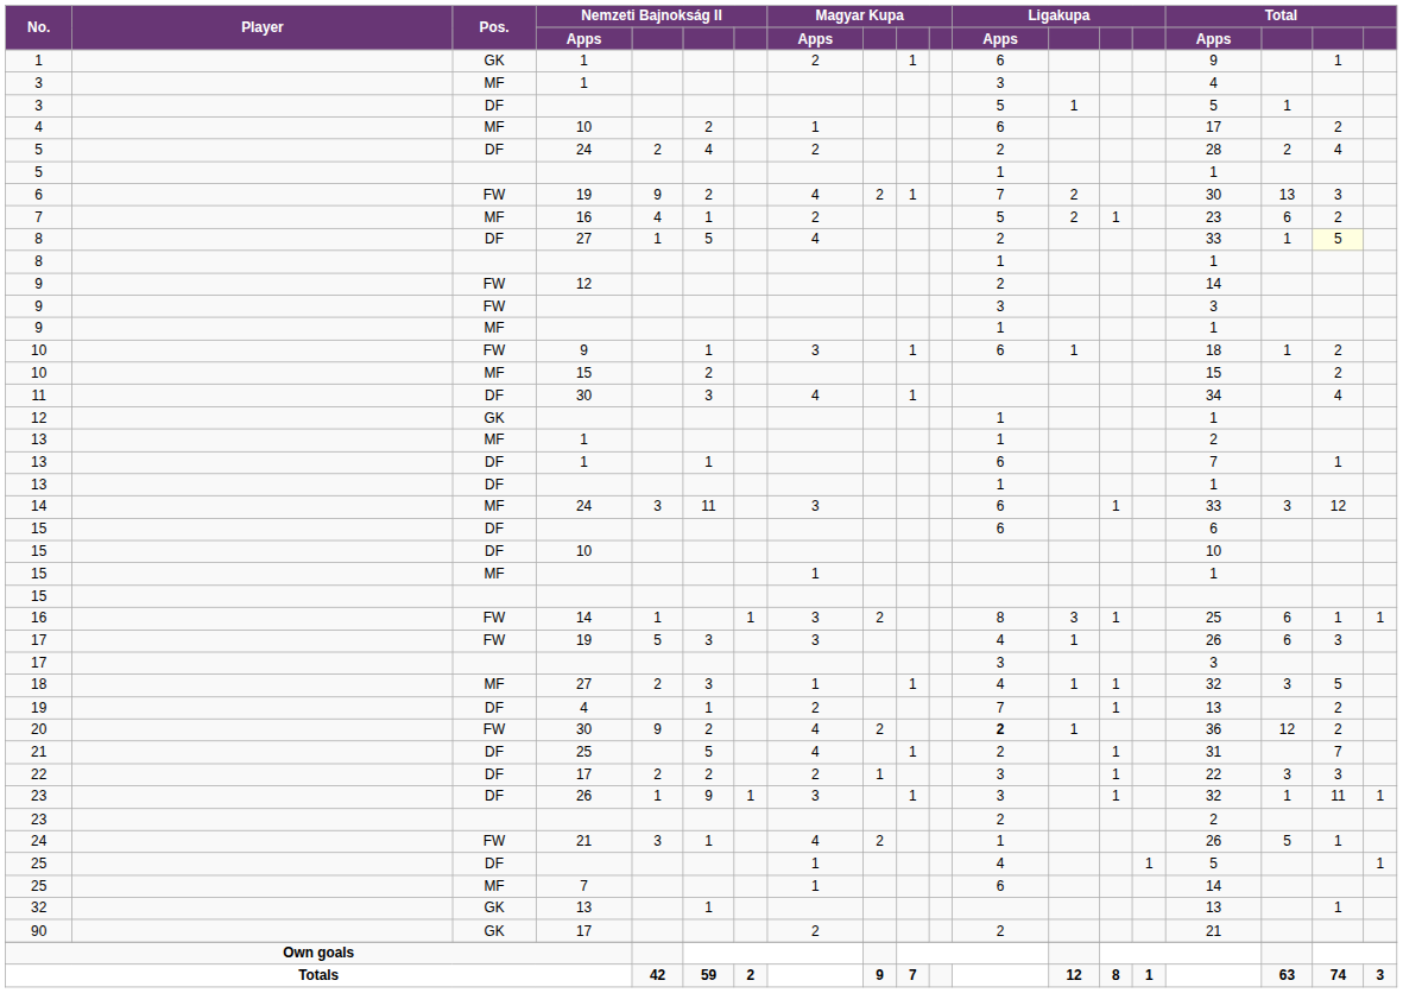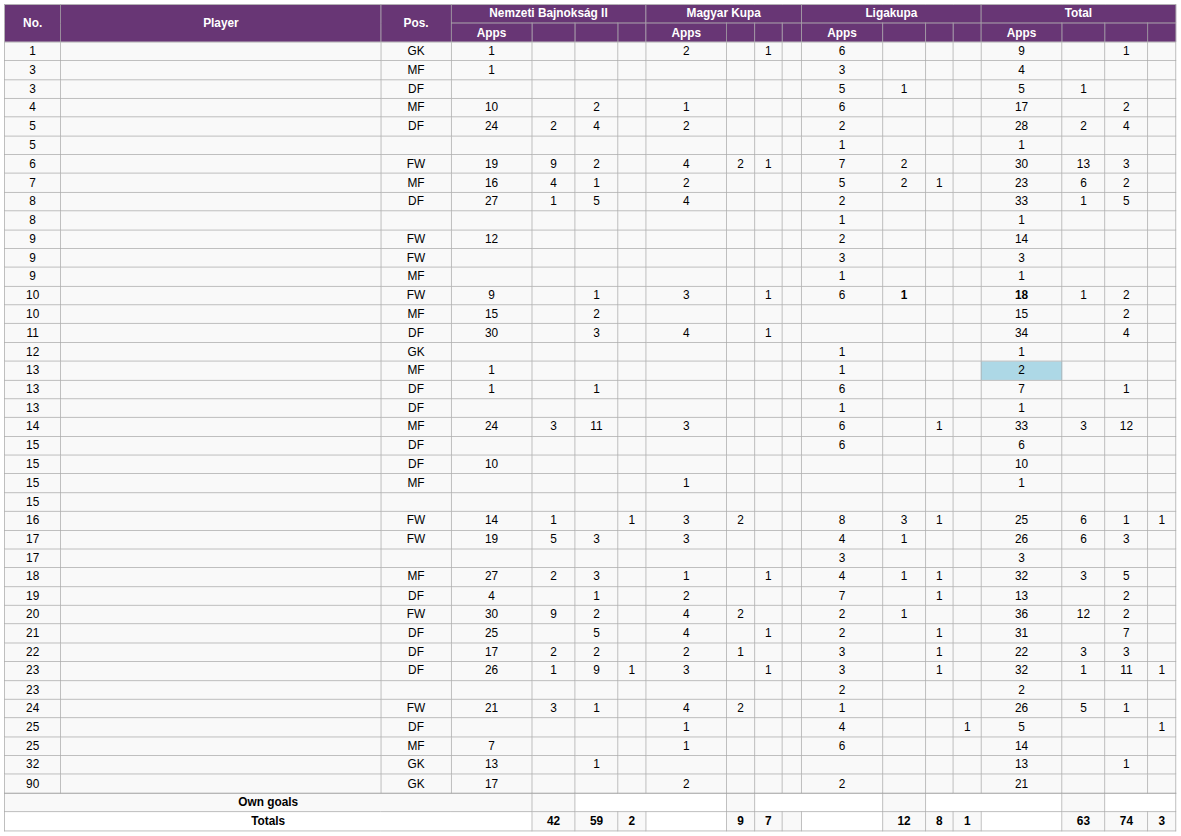 <table class="wikitable sortable alternance" style="text-align:center;width:100%">
 <tr>
 <th rowspan="2" style="background-color:#683675; color:#FFFFFF; width:5px">No.</th>
 <th rowspan="2" style="background-color:#683675; color:#FFFFFF; width:180px">Player</th>
 <th rowspan="2" style="background-color:#683675; color:#FFFFFF; width:5px">Pos.</th>
 <th colspan="4" style="background:#683675; color:#FFFFFF">Nemzeti Bajnokság II</th>
 <th colspan="4" style="background:#683675; color:#FFFFFF">Magyar Kupa</th>
 <th colspan="4" style="background:#683675; color:#FFFFFF">Ligakupa</th>
 <th colspan="4" style="background:#683675; color:#FFFFFF">Total</th>
 </tr>
 <tr style="text-align:center">
 <th width="4" style="background-color:#683675; color:#FFFFFF">Apps</th>
 <th width="4" style="background-color:#683675"></th>
 <th width="4" style="background-color:#683675"></th>
 <th width="4" style="background-color:#683675"></th>
 <th width="4" style="background-color:#683675; color:#FFFFFF">Apps</th>
 <th width="4" style="background-color:#683675"></th>
 <th width="4" style="background-color:#683675"></th>
 <th width="4" style="background-color:#683675"></th>
 <th width="4" style="background-color:#683675; color:#FFFFFF">Apps</th>
 <th width="4" style="background-color:#683675"></th>
 <th width="4" style="background-color:#683675"></th>
 <th width="4" style="background-color:#683675"></th>
 <th width="4" style="background-color:#683675; color:#FFFFFF">Apps</th>
 <th width="4" style="background-color:#683675"></th>
 <th width="4" style="background-color:#683675"></th>
 <th width="4" style="background-color:#683675"></th>
 </tr>
 <tr>
 <td>1</td>
 <td> </td>
 <td>GK</td>
 <td>1</td>
 <td></td>
 <td></td>
 <td></td>
 <td>2</td>
 <td></td>
 <td>1</td>
 <td></td>
 <td>6</td>
 <td></td>
 <td></td>
 <td></td>
 <td>9</td>
 <td></td>
 <td>1</td>
 <td></td>
 </tr>
 <tr>
 <td>3</td>
 <td> </td>
 <td>MF</td>
 <td>1</td>
 <td></td>
 <td></td>
 <td></td>
 <td></td>
 <td></td>
 <td></td>
 <td></td>
 <td>3</td>
 <td></td>
 <td></td>
 <td></td>
 <td>4</td>
 <td></td>
 <td></td>
 <td></td>
 </tr>
 <tr>
 <td>3</td>
 <td> </td>
 <td>DF</td>
 <td></td>
 <td></td>
 <td></td>
 <td></td>
 <td></td>
 <td></td>
 <td></td>
 <td></td>
 <td>5</td>
 <td>1</td>
 <td></td>
 <td></td>
 <td>5</td>
 <td>1</td>
 <td></td>
 <td></td>
 </tr>
 <tr>
 <td>4</td>
 <td> </td>
 <td>MF</td>
 <td>10</td>
 <td></td>
 <td>2</td>
 <td></td>
 <td>1</td>
 <td></td>
 <td></td>
 <td></td>
 <td>6</td>
 <td></td>
 <td></td>
 <td></td>
 <td>17</td>
 <td></td>
 <td>2</td>
 <td></td>
 </tr>
 <tr>
 <td>5</td>
 <td> </td>
 <td>DF</td>
 <td>24</td>
 <td>2</td>
 <td>4</td>
 <td></td>
 <td>2</td>
 <td></td>
 <td></td>
 <td></td>
 <td>2</td>
 <td></td>
 <td></td>
 <td></td>
 <td>28</td>
 <td>2</td>
 <td>4</td>
 <td></td>
 </tr>
 <tr>
 <td>5</td>
 <td> </td>
 <td></td>
 <td></td>
 <td></td>
 <td></td>
 <td></td>
 <td></td>
 <td></td>
 <td></td>
 <td></td>
 <td>1</td>
 <td></td>
 <td></td>
 <td></td>
 <td>1</td>
 <td></td>
 <td></td>
 <td></td>
 </tr>
 <tr>
 <td>6</td>
 <td> </td>
 <td>FW</td>
 <td>19</td>
 <td>9</td>
 <td>2</td>
 <td></td>
 <td>4</td>
 <td>2</td>
 <td>1</td>
 <td></td>
 <td>7</td>
 <td>2</td>
 <td></td>
 <td></td>
 <td>30</td>
 <td>13</td>
 <td>3</td>
 <td></td>
 </tr>
 <tr>
 <td>7</td>
 <td> </td>
 <td>MF</td>
 <td>16</td>
 <td>4</td>
 <td>1</td>
 <td></td>
 <td>2</td>
 <td></td>
 <td></td>
 <td></td>
 <td>5</td>
 <td>2</td>
 <td>1</td>
 <td></td>
 <td>23</td>
 <td>6</td>
 <td>2</td>
 <td></td>
 </tr>
 <tr>
 <td>8</td>
 <td> </td>
 <td>DF</td>
 <td>27</td>
 <td>1</td>
 <td>5</td>
 <td></td>
 <td>4</td>
 <td></td>
 <td></td>
 <td></td>
 <td>2</td>
 <td></td>
 <td></td>
 <td></td>
 <td>33</td>
 <td>1</td>
-<td style="background: lightyellow;">5</td>
+<td>5</td>
 <td></td>
 </tr>
 <tr>
 <td>8</td>
 <td> </td>
 <td></td>
 <td></td>
 <td></td>
 <td></td>
 <td></td>
 <td></td>
 <td></td>
 <td></td>
 <td></td>
 <td>1</td>
 <td></td>
 <td></td>
 <td></td>
 <td>1</td>
 <td></td>
 <td></td>
 <td></td>
 </tr>
 <tr>
 <td>9</td>
 <td> </td>
 <td>FW</td>
 <td>12</td>
 <td></td>
 <td></td>
 <td></td>
 <td></td>
 <td></td>
 <td></td>
 <td></td>
 <td>2</td>
 <td></td>
 <td></td>
 <td></td>
 <td>14</td>
 <td></td>
 <td></td>
 <td></td>
 </tr>
 <tr>
 <td>9</td>
 <td> </td>
 <td>FW</td>
 <td></td>
 <td></td>
 <td></td>
 <td></td>
 <td></td>
 <td></td>
 <td></td>
 <td></td>
 <td>3</td>
 <td></td>
 <td></td>
 <td></td>
 <td>3</td>
 <td></td>
 <td></td>
 <td></td>
 </tr>
 <tr>
 <td>9</td>
 <td> </td>
 <td>MF</td>
 <td></td>
 <td></td>
 <td></td>
 <td></td>
 <td></td>
 <td></td>
 <td></td>
 <td></td>
 <td>1</td>
 <td></td>
 <td></td>
 <td></td>
 <td>1</td>
 <td></td>
 <td></td>
 <td></td>
 </tr>
 <tr>
 <td>10</td>
 <td> </td>
 <td>FW</td>
 <td>9</td>
 <td></td>
 <td>1</td>
 <td></td>
 <td>3</td>
 <td></td>
 <td>1</td>
 <td></td>
 <td>6</td>
-<td>1</td>
+<td><strong>1</strong></td>
 <td></td>
 <td></td>
-<td>18</td>
+<td><strong>18</strong></td>
 <td>1</td>
 <td>2</td>
 <td></td>
 </tr>
 <tr>
 <td>10</td>
 <td> </td>
 <td>MF</td>
 <td>15</td>
 <td></td>
 <td>2</td>
 <td></td>
 <td></td>
 <td></td>
 <td></td>
 <td></td>
 <td></td>
 <td></td>
 <td></td>
 <td></td>
 <td>15</td>
 <td></td>
 <td>2</td>
 <td></td>
 </tr>
 <tr>
 <td>11</td>
 <td> </td>
 <td>DF</td>
 <td>30</td>
 <td></td>
 <td>3</td>
 <td></td>
 <td>4</td>
 <td></td>
 <td>1</td>
 <td></td>
 <td></td>
 <td></td>
 <td></td>
 <td></td>
 <td>34</td>
 <td></td>
 <td>4</td>
 <td></td>
 </tr>
 <tr>
 <td>12</td>
 <td> </td>
 <td>GK</td>
 <td></td>
 <td></td>
 <td></td>
 <td></td>
 <td></td>
 <td></td>
 <td></td>
 <td></td>
 <td>1</td>
 <td></td>
 <td></td>
 <td></td>
 <td>1</td>
 <td></td>
 <td></td>
 <td></td>
 </tr>
 <tr>
 <td>13</td>
 <td> </td>
 <td>MF</td>
 <td>1</td>
 <td></td>
 <td></td>
 <td></td>
 <td></td>
 <td></td>
 <td></td>
 <td></td>
 <td>1</td>
 <td></td>
 <td></td>
 <td></td>
-<td>2</td>
+<td style="background: lightblue;">2</td>
 <td></td>
 <td></td>
 <td></td>
 </tr>
 <tr>
 <td>13</td>
 <td> </td>
 <td>DF</td>
 <td>1</td>
 <td></td>
 <td>1</td>
 <td></td>
 <td></td>
 <td></td>
 <td></td>
 <td></td>
 <td>6</td>
 <td></td>
 <td></td>
 <td></td>
 <td>7</td>
 <td></td>
 <td>1</td>
 <td></td>
 </tr>
 <tr>
 <td>13</td>
 <td> </td>
 <td>DF</td>
 <td></td>
 <td></td>
 <td></td>
 <td></td>
 <td></td>
 <td></td>
 <td></td>
 <td></td>
 <td>1</td>
 <td></td>
 <td></td>
 <td></td>
 <td>1</td>
 <td></td>
 <td></td>
 <td></td>
 </tr>
 <tr>
 <td>14</td>
 <td> </td>
 <td>MF</td>
 <td>24</td>
 <td>3</td>
 <td>11</td>
 <td></td>
 <td>3</td>
 <td></td>
 <td></td>
 <td></td>
 <td>6</td>
 <td></td>
 <td>1</td>
 <td></td>
 <td>33</td>
 <td>3</td>
 <td>12</td>
 <td></td>
 </tr>
 <tr>
 <td>15</td>
 <td> </td>
 <td>DF</td>
 <td></td>
 <td></td>
 <td></td>
 <td></td>
 <td></td>
 <td></td>
 <td></td>
 <td></td>
 <td>6</td>
 <td></td>
 <td></td>
 <td></td>
 <td>6</td>
 <td></td>
 <td></td>
 <td></td>
 </tr>
 <tr>
 <td>15</td>
 <td> </td>
 <td>DF</td>
 <td>10</td>
 <td></td>
 <td></td>
 <td></td>
 <td></td>
 <td></td>
 <td></td>
 <td></td>
 <td></td>
 <td></td>
 <td></td>
 <td></td>
 <td>10</td>
 <td></td>
 <td></td>
 <td></td>
 </tr>
 <tr>
 <td>15</td>
 <td> </td>
 <td>MF</td>
 <td></td>
 <td></td>
 <td></td>
 <td></td>
 <td>1</td>
 <td></td>
 <td></td>
 <td></td>
 <td></td>
 <td></td>
 <td></td>
 <td></td>
 <td>1</td>
 <td></td>
 <td></td>
 <td></td>
 </tr>
 <tr>
 <td>15</td>
 <td> </td>
 <td></td>
 <td></td>
 <td></td>
 <td></td>
 <td></td>
 <td></td>
 <td></td>
 <td></td>
 <td></td>
 <td></td>
 <td></td>
 <td></td>
 <td></td>
 <td></td>
 <td></td>
 <td></td>
 <td></td>
 </tr>
 <tr>
 <td>16</td>
 <td> </td>
 <td>FW</td>
 <td>14</td>
 <td>1</td>
 <td></td>
 <td>1</td>
 <td>3</td>
 <td>2</td>
 <td></td>
 <td></td>
 <td>8</td>
 <td>3</td>
 <td>1</td>
 <td></td>
 <td>25</td>
 <td>6</td>
 <td>1</td>
 <td>1</td>
 </tr>
 <tr>
 <td>17</td>
 <td> </td>
 <td>FW</td>
 <td>19</td>
 <td>5</td>
 <td>3</td>
 <td></td>
 <td>3</td>
 <td></td>
 <td></td>
 <td></td>
 <td>4</td>
 <td>1</td>
 <td></td>
 <td></td>
 <td>26</td>
 <td>6</td>
 <td>3</td>
 <td></td>
 </tr>
 <tr>
 <td>17</td>
 <td> </td>
 <td></td>
 <td></td>
 <td></td>
 <td></td>
 <td></td>
 <td></td>
 <td></td>
 <td></td>
 <td></td>
 <td>3</td>
 <td></td>
 <td></td>
 <td></td>
 <td>3</td>
 <td></td>
 <td></td>
 <td></td>
 </tr>
 <tr>
 <td>18</td>
 <td> </td>
 <td>MF</td>
 <td>27</td>
 <td>2</td>
 <td>3</td>
 <td></td>
 <td>1</td>
 <td></td>
 <td>1</td>
 <td></td>
 <td>4</td>
 <td>1</td>
 <td>1</td>
 <td></td>
 <td>32</td>
 <td>3</td>
 <td>5</td>
 <td></td>
 </tr>
 <tr>
 <td>19</td>
 <td> </td>
 <td>DF</td>
 <td>4</td>
 <td></td>
 <td>1</td>
 <td></td>
 <td>2</td>
 <td></td>
 <td></td>
 <td></td>
 <td>7</td>
 <td></td>
 <td>1</td>
 <td></td>
 <td>13</td>
 <td></td>
 <td>2</td>
 <td></td>
 </tr>
 <tr>
 <td>20</td>
 <td> </td>
 <td>FW</td>
 <td>30</td>
 <td>9</td>
 <td>2</td>
 <td></td>
 <td>4</td>
 <td>2</td>
 <td></td>
 <td></td>
-<td><strong>2</strong></td>
+<td>2</td>
 <td>1</td>
 <td></td>
 <td></td>
 <td>36</td>
 <td>12</td>
 <td>2</td>
 <td></td>
 </tr>
 <tr>
 <td>21</td>
 <td> </td>
 <td>DF</td>
 <td>25</td>
 <td></td>
 <td>5</td>
 <td></td>
 <td>4</td>
 <td></td>
 <td>1</td>
 <td></td>
 <td>2</td>
 <td></td>
 <td>1</td>
 <td></td>
 <td>31</td>
 <td></td>
 <td>7</td>
 <td></td>
 </tr>
 <tr>
 <td>22</td>
 <td> </td>
 <td>DF</td>
 <td>17</td>
 <td>2</td>
 <td>2</td>
 <td></td>
 <td>2</td>
 <td>1</td>
 <td></td>
 <td></td>
 <td>3</td>
 <td></td>
 <td>1</td>
 <td></td>
 <td>22</td>
 <td>3</td>
 <td>3</td>
 <td></td>
 </tr>
 <tr>
 <td>23</td>
 <td> </td>
 <td>DF</td>
 <td>26</td>
 <td>1</td>
 <td>9</td>
 <td>1</td>
 <td>3</td>
 <td></td>
 <td>1</td>
 <td></td>
 <td>3</td>
 <td></td>
 <td>1</td>
 <td></td>
 <td>32</td>
 <td>1</td>
 <td>11</td>
 <td>1</td>
 </tr>
 <tr>
 <td>23</td>
 <td> </td>
 <td></td>
 <td></td>
 <td></td>
 <td></td>
 <td></td>
 <td></td>
 <td></td>
 <td></td>
 <td></td>
 <td>2</td>
 <td></td>
 <td></td>
 <td></td>
 <td>2</td>
 <td></td>
 <td></td>
 <td></td>
 </tr>
 <tr>
 <td>24</td>
 <td> </td>
 <td>FW</td>
 <td>21</td>
 <td>3</td>
 <td>1</td>
 <td></td>
 <td>4</td>
 <td>2</td>
 <td></td>
 <td></td>
 <td>1</td>
 <td></td>
 <td></td>
 <td></td>
 <td>26</td>
 <td>5</td>
 <td>1</td>
 <td></td>
 </tr>
 <tr>
 <td>25</td>
 <td> </td>
 <td>DF</td>
 <td></td>
 <td></td>
 <td></td>
 <td></td>
 <td>1</td>
 <td></td>
 <td></td>
 <td></td>
 <td>4</td>
 <td></td>
 <td></td>
 <td>1</td>
 <td>5</td>
 <td></td>
 <td></td>
 <td>1</td>
 </tr>
 <tr>
 <td>25</td>
 <td> </td>
 <td>MF</td>
 <td>7</td>
 <td></td>
 <td></td>
 <td></td>
 <td>1</td>
 <td></td>
 <td></td>
 <td></td>
 <td>6</td>
 <td></td>
 <td></td>
 <td></td>
 <td>14</td>
 <td></td>
 <td></td>
 <td></td>
 </tr>
 <tr>
 <td>32</td>
 <td> </td>
 <td>GK</td>
 <td>13</td>
 <td></td>
 <td>1</td>
 <td></td>
 <td></td>
 <td></td>
 <td></td>
 <td></td>
 <td></td>
 <td></td>
 <td></td>
 <td></td>
 <td>13</td>
 <td></td>
 <td>1</td>
 <td></td>
 </tr>
 <tr>
 <td>90</td>
 <td> </td>
 <td>GK</td>
 <td>17</td>
 <td></td>
 <td></td>
 <td></td>
 <td>2</td>
 <td></td>
 <td></td>
 <td></td>
 <td>2</td>
 <td></td>
 <td></td>
 <td></td>
 <td>21</td>
 <td></td>
 <td></td>
 <td></td>
 </tr>
 <tr>
 </tr>
 <tr class="sortbottom">
 <td colspan="4"><strong>Own goals</strong></td>
 <td></td>
 <td colspan="3" style="background:white;text-align:center"></td>
 <td></td>
 <td colspan="3" style="background:white;text-align:center"></td>
 <td></td>
 <td colspan="3" style="background:white;text-align:center"></td>
 <td></td>
 <td colspan="2" style="background:white;text-align:center"></td>
 </tr>
 <tr class="sortbottom">
 <td colspan="4" style="background:white;text-align:center"><strong>Totals</strong></td>
 <td><strong>42</strong></td>
 <td><strong>59</strong></td>
 <td><strong>2</strong></td>
 <td rowspan="3" style="background:white;text-align:center"></td>
 <td><strong>9</strong></td>
 <td><strong>7</strong></td>
 <td></td>
 <td rowspan="3" style="background:white;text-align:center"></td>
 <td><strong>12</strong></td>
 <td><strong>8</strong></td>
 <td><strong>1</strong></td>
 <td rowspan="3" style="background:white;text-align:center"></td>
 <td><strong>63</strong></td>
 <td><strong>74</strong></td>
 <td><strong>3</strong></td>
 </tr>
 </table>
